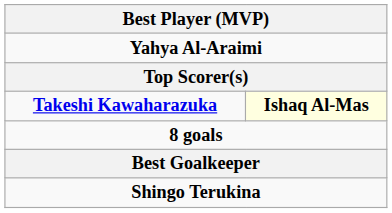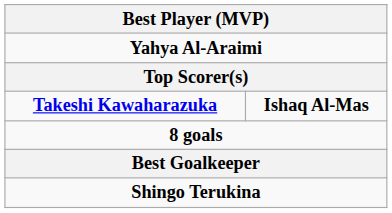 <table class="wikitable" style="margin:auto">
 <tr>
 <th width=80% colspan="3">Best Player (MVP)</th>
 </tr>
 <tr>
 <td align="center" colspan="3"> <strong>Yahya Al-Araimi</strong></td>
 </tr>
 <tr>
 <th colspan="3">Top Scorer(s)</th>
 </tr>
 <tr>
 <td align="center" colspan="1.5"> <strong><a href='#'>Takeshi Kawaharazuka</a></strong></td>
-<td align="center" colspan="1.5" style="background: lightyellow;"> <strong>Ishaq Al-Mas</strong></td>
+<td align="center" colspan="1.5"> <strong>Ishaq Al-Mas</strong></td>
 </tr>
 <tr>
 <td align="center" colspan="3"><strong>8 goals</strong></td>
 </tr>
 <tr>
 <th colspan="3">Best Goalkeeper</th>
 </tr>
 <tr>
 <td colspan="3" align="center"> <strong>Shingo Terukina</strong></td>
 </tr>
 </table>
